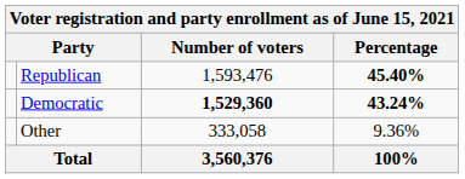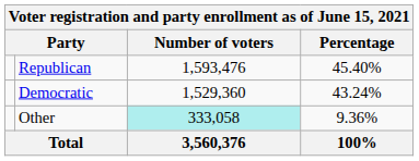 <table class="wikitable">
 <tr>
 <th colspan="6">Voter registration and party enrollment as of June 15, 2021</th>
 </tr>
 <tr>
 <th colspan="2">Party</th>
 <th>Number of voters</th>
 <th>Percentage</th>
 </tr>
 <tr>
 <td></td>
 <td><a href='#'>Republican</a></td>
 <td style="text-align:center;">1,593,476</td>
-<td style="text-align:center;"><strong>45.40%</strong></td>
+<td style="text-align:center;">45.40%</td>
 </tr>
 <tr>
 <td></td>
 <td><a href='#'>Democratic</a></td>
-<td style="text-align:center;"><strong>1,529,360</strong></td>
-<td style="text-align:center;"><strong>43.24%</strong></td>
+<td style="text-align:center;">1,529,360</td>
+<td style="text-align:center;">43.24%</td>
 </tr>
 <tr>
 <td></td>
 <td>Other</td>
-<td style="text-align:center;">333,058</td>
+<td style="background: paleturquoise; text-align:center;">333,058</td>
 <td style="text-align:center;">9.36%</td>
 </tr>
 <tr>
 <th colspan="2">Total</th>
 <th style="text-align:center;">3,560,376</th>
 <th style="text-align:center;">100%</th>
 </tr>
 </table>
